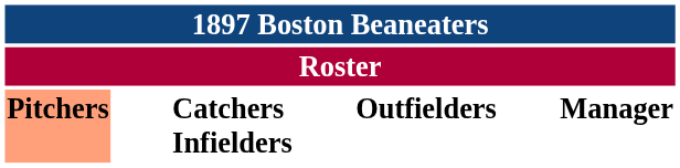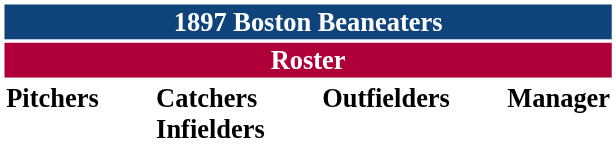 <table class="toccolours" style="font-size: 95%;">
 <tr>
 <th colspan="10" style="background-color: #0f437c; color: white; text-align: center;">1897 Boston Beaneaters</th>
 </tr>
 <tr>
 <td colspan="10" style="background-color: #af0039; color: white; text-align: center;"><strong>Roster</strong></td>
 </tr>
 <tr>
-<td valign="top" style="background: lightsalmon;"><strong>Pitchers</strong><br>    </td>
+<td valign="top"><strong>Pitchers</strong><br>    </td>
 <td width="25px"></td>
 <td valign="top"><strong>Catchers</strong><br>     <strong>Infielders</strong>      </td>
 <td width="25px"></td>
 <td valign="top"><strong>Outfielders</strong><br>   </td>
 <td width="25px"></td>
 <td valign="top"><strong>Manager</strong><br></td>
 </tr>
 </table>
